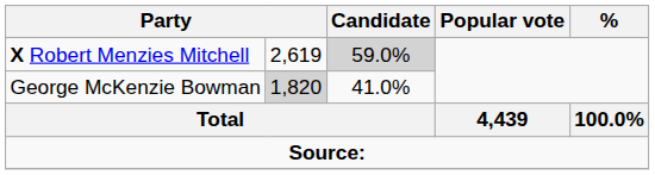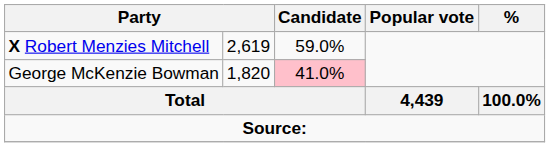 <table class="wikitable">
 <tr>
 <th colspan="2">Party</th>
 <th>Candidate</th>
 <th>Popular vote</th>
 <th>%</th>
 </tr>
 <tr>
 <td> <strong>X</strong> <a href='#'>Robert Menzies Mitchell</a></td>
 <td align=center>2,619</td>
-<td align=center style="background: lightgrey;">59.0%</td>
+<td align=center>59.0%</td>
 </tr>
 <tr>
 <td>George McKenzie Bowman</td>
-<td align=center style="background: lightgrey;">1,820</td>
-<td align=center>41.0%</td>
+<td align=center>1,820</td>
+<td align=center style="background: pink;">41.0%</td>
 </tr>
 <tr>
 <th colspan=3>Total</th>
 <th>4,439</th>
 <th>100.0%</th>
 </tr>
 <tr>
 <td align="center" colspan=5><strong>Source:</strong> </td>
 </tr>
 <tr>
 </tr>
 </table>
